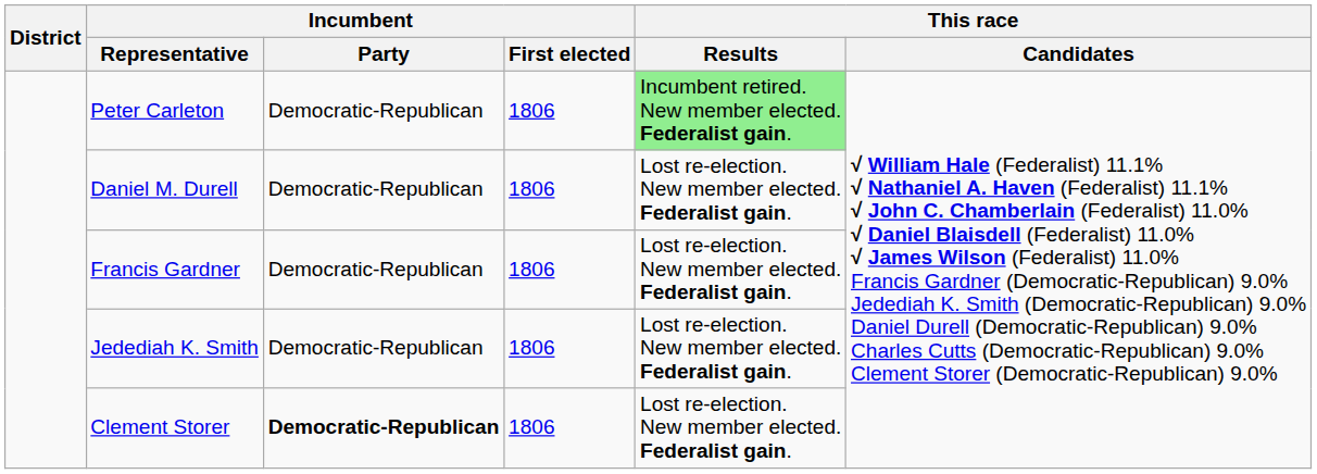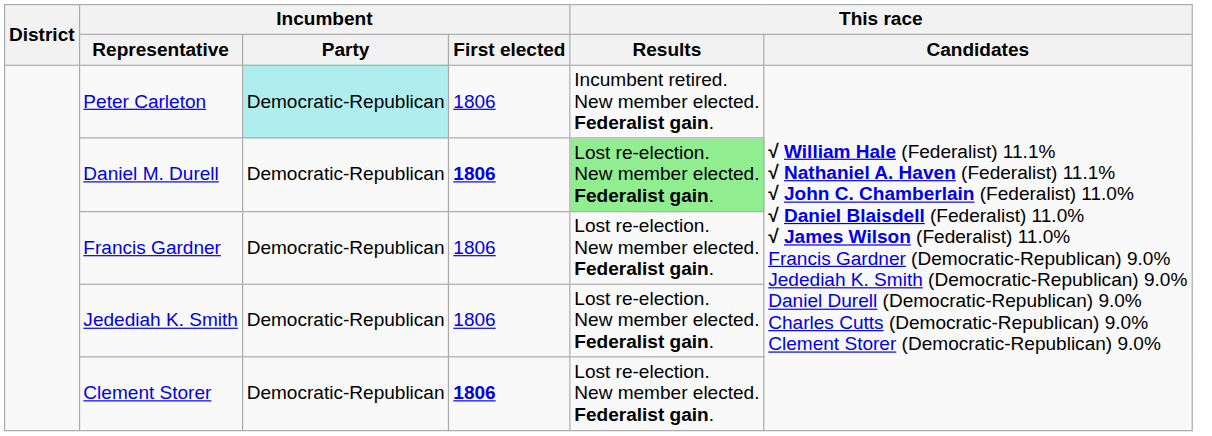 <table class=wikitable>
 <tr>
 <th rowspan=2>District</th>
 <th colspan=3>Incumbent</th>
 <th colspan=2>This race</th>
 </tr>
 <tr>
 <th>Representative</th>
 <th>Party</th>
 <th>First elected</th>
 <th>Results</th>
 <th>Candidates</th>
 </tr>
 <tr>
 <td rowspan=5><br></td>
 <td><a href='#'>Peter Carleton</a></td>
-<td>Democratic-Republican</td>
+<td style="background: paleturquoise;">Democratic-Republican</td>
 <td><a href='#'>1806</a></td>
-<td style="background: lightgreen;">Incumbent retired.<br>New member elected.<br><strong>Federalist gain</strong>.</td>
+<td>Incumbent retired.<br>New member elected.<br><strong>Federalist gain</strong>.</td>
 <td nowrap rowspan=5><strong>√ <a href='#'>William Hale</a></strong> (Federalist) 11.1%<br><strong>√ <a href='#'>Nathaniel A. Haven</a></strong> (Federalist) 11.1%<br><strong>√ <a href='#'>John C. Chamberlain</a></strong> (Federalist) 11.0%<br><strong>√ <a href='#'>Daniel Blaisdell</a></strong> (Federalist) 11.0%<br><strong>√ <a href='#'>James Wilson</a></strong> (Federalist) 11.0%<br><a href='#'>Francis Gardner</a> (Democratic-Republican) 9.0%<br><a href='#'>Jedediah K. Smith</a> (Democratic-Republican) 9.0%<br><a href='#'>Daniel Durell</a> (Democratic-Republican) 9.0%<br><a href='#'>Charles Cutts</a> (Democratic-Republican) 9.0%<br><a href='#'>Clement Storer</a> (Democratic-Republican) 9.0%</td>
 </tr>
 <tr>
 <td><a href='#'>Daniel M. Durell</a></td>
 <td>Democratic-Republican</td>
-<td><a href='#'>1806</a></td>
-<td>Lost re-election.<br>New member elected.<br><strong>Federalist gain</strong>.</td>
+<td><strong><a href='#'>1806</a></strong></td>
+<td style="background: lightgreen;">Lost re-election.<br>New member elected.<br><strong>Federalist gain</strong>.</td>
 </tr>
 <tr>
 <td><a href='#'>Francis Gardner</a></td>
 <td>Democratic-Republican</td>
 <td><a href='#'>1806</a></td>
 <td>Lost re-election.<br>New member elected.<br><strong>Federalist gain</strong>.</td>
 </tr>
 <tr>
 <td><a href='#'>Jedediah K. Smith</a></td>
 <td>Democratic-Republican</td>
 <td><a href='#'>1806</a></td>
 <td>Lost re-election.<br>New member elected.<br><strong>Federalist gain</strong>.</td>
 </tr>
 <tr>
 <td><a href='#'>Clement Storer</a></td>
-<td><strong>Democratic-Republican</strong></td>
-<td><a href='#'>1806</a></td>
+<td>Democratic-Republican</td>
+<td><strong><a href='#'>1806</a></strong></td>
 <td>Lost re-election.<br>New member elected.<br><strong>Federalist gain</strong>.</td>
 </tr>
 </table>
